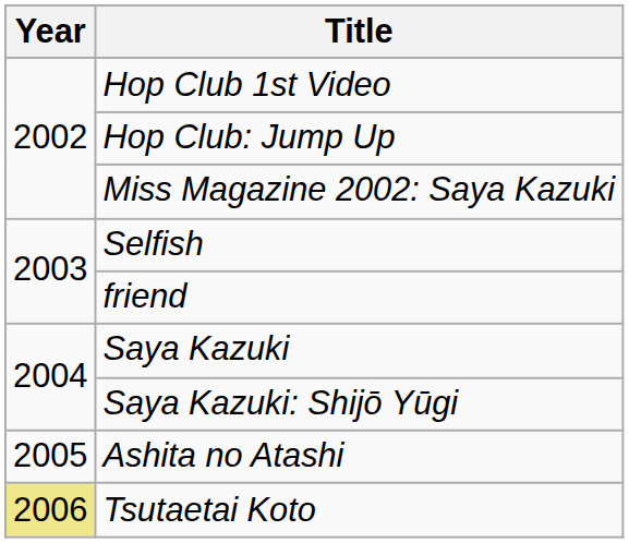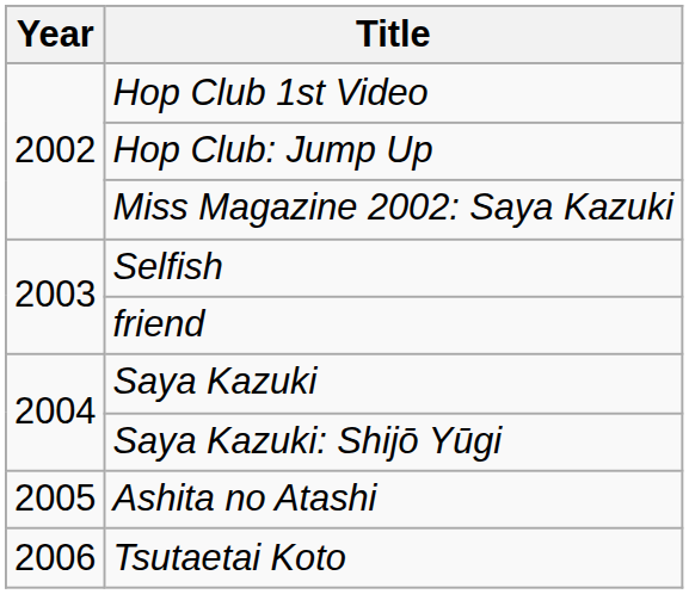 <table class="wikitable">
 <tr>
 <th>Year</th>
 <th>Title</th>
 </tr>
 <tr>
 <td rowspan="3">2002</td>
 <td><em>Hop Club 1st Video</em></td>
 </tr>
 <tr>
 <td><em>Hop Club: Jump Up</em></td>
 </tr>
 <tr>
 <td><em>Miss Magazine 2002: Saya Kazuki</em></td>
 </tr>
 <tr>
 <td rowspan="2">2003</td>
 <td><em>Selfish</em></td>
 </tr>
 <tr>
 <td><em>friend</em></td>
 </tr>
 <tr>
 <td rowspan="2">2004</td>
 <td><em>Saya Kazuki</em></td>
 </tr>
 <tr>
 <td><em>Saya Kazuki: Shijō Yūgi</em></td>
 </tr>
 <tr>
 <td>2005</td>
 <td><em>Ashita no Atashi</em></td>
 </tr>
 <tr>
-<td style="background: khaki;">2006</td>
+<td>2006</td>
 <td><em>Tsutaetai Koto</em></td>
 </tr>
 </table>
